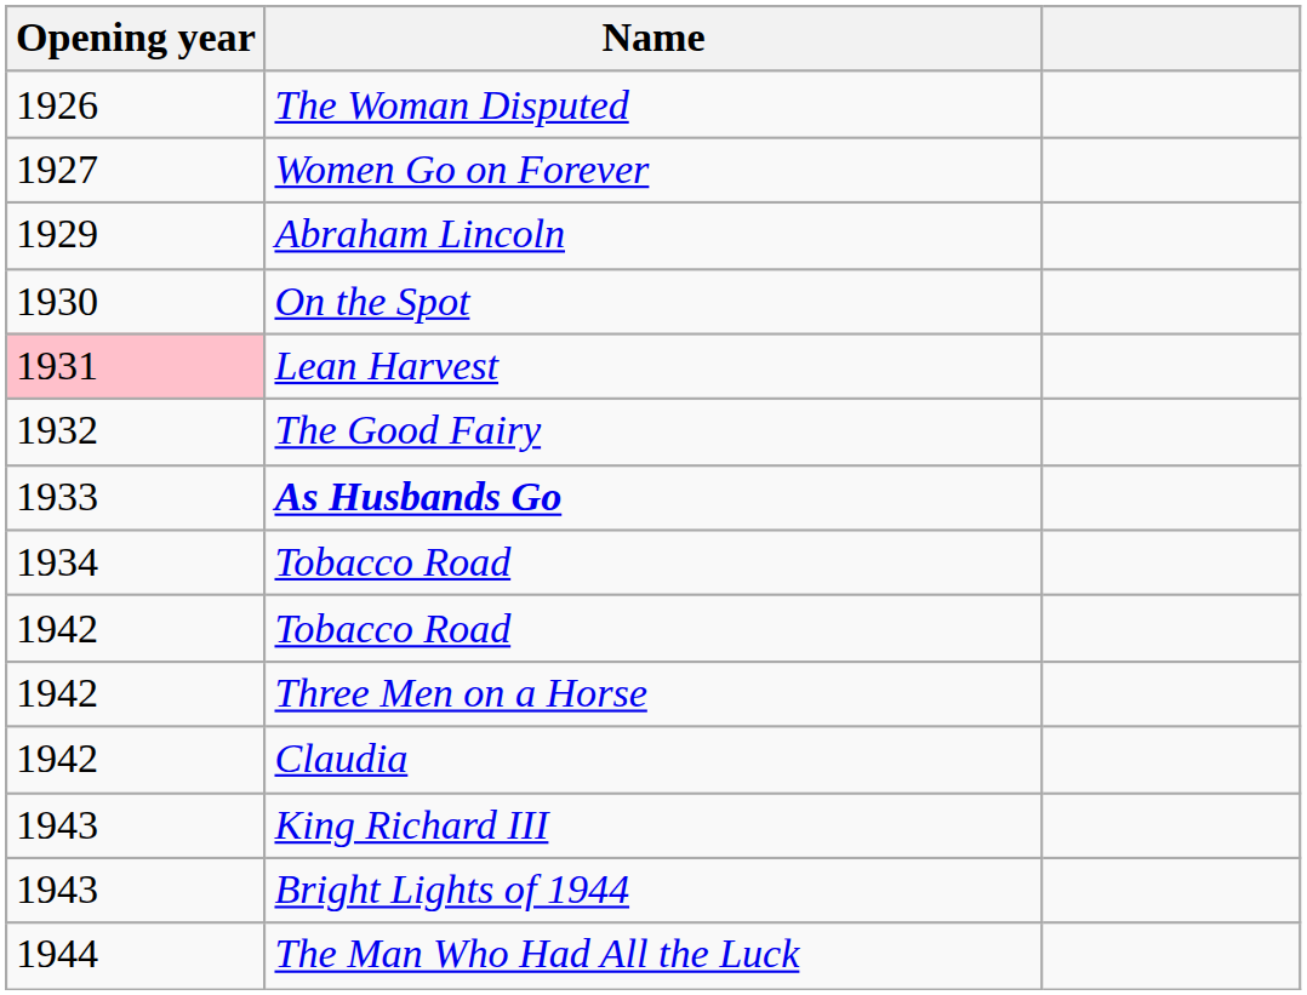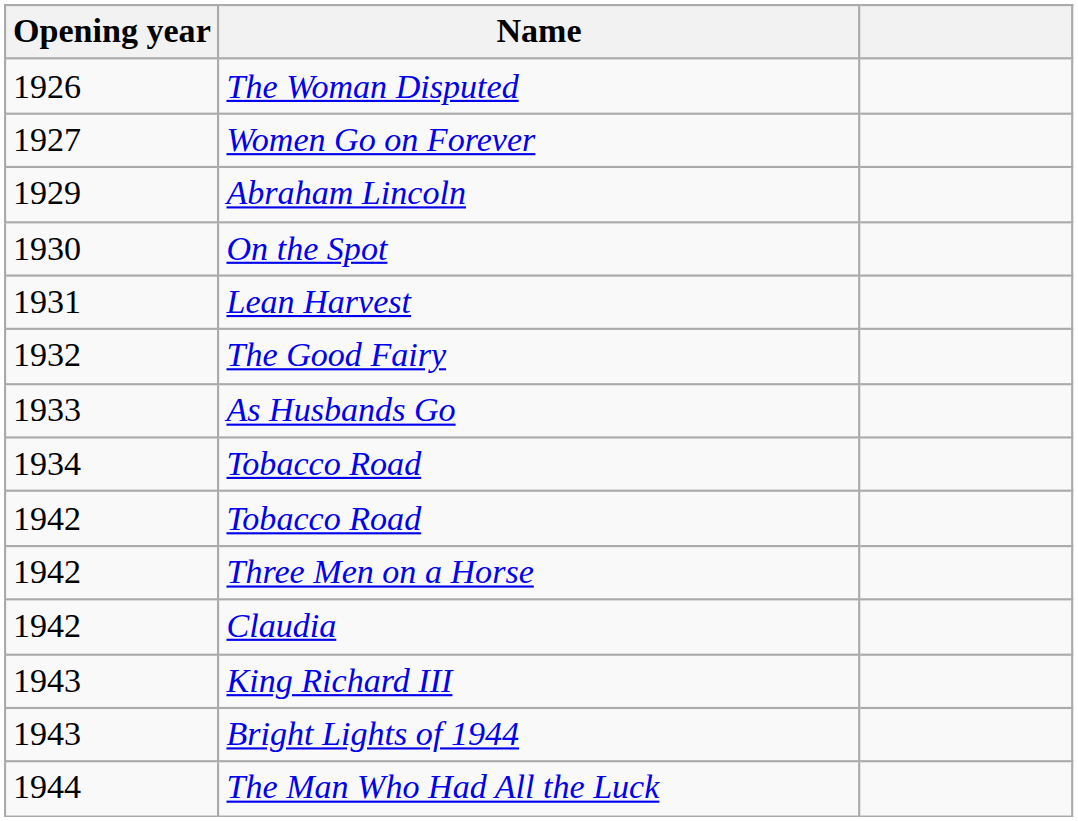 <table class="wikitable sortable collapsible">
 <tr>
 <th width=20% scope="col">Opening year</th>
 <th width=60% scope="col">Name</th>
 <th width=20% scope="col"  class="unsortable"></th>
 </tr>
 <tr>
 <td>1926</td>
 <td><em><a href='#'>The Woman Disputed</a></em></td>
 <td></td>
 </tr>
 <tr>
 <td>1927</td>
 <td><em><a href='#'>Women Go on Forever</a></em></td>
 <td></td>
 </tr>
 <tr>
 <td>1929</td>
 <td><em><a href='#'>Abraham Lincoln</a></em></td>
 <td></td>
 </tr>
 <tr>
 <td>1930</td>
 <td><em><a href='#'>On the Spot</a></em></td>
 <td></td>
 </tr>
 <tr>
-<td style="background: pink;">1931</td>
+<td>1931</td>
 <td><em><a href='#'>Lean Harvest</a></em></td>
 <td></td>
 </tr>
 <tr>
 <td>1932</td>
 <td><em><a href='#'>The Good Fairy</a></em></td>
 <td></td>
 </tr>
 <tr>
 <td>1933</td>
-<td><strong><em><a href='#'>As Husbands Go</a></em></strong></td>
+<td><em><a href='#'>As Husbands Go</a></em></td>
 <td></td>
 </tr>
 <tr>
 <td>1934</td>
 <td><em><a href='#'>Tobacco Road</a></em></td>
 <td></td>
 </tr>
 <tr>
 <td>1942</td>
 <td><em><a href='#'>Tobacco Road</a></em></td>
 <td></td>
 </tr>
 <tr>
 <td>1942</td>
 <td><em><a href='#'>Three Men on a Horse</a></em></td>
 <td></td>
 </tr>
 <tr>
 <td>1942</td>
 <td><em><a href='#'>Claudia</a></em></td>
 <td></td>
 </tr>
 <tr>
 <td>1943</td>
 <td><em><a href='#'>King Richard III</a></em></td>
 <td></td>
 </tr>
 <tr>
 <td>1943</td>
 <td><em><a href='#'>Bright Lights of 1944</a></em></td>
 <td></td>
 </tr>
 <tr>
 <td>1944</td>
 <td><em><a href='#'>The Man Who Had All the Luck</a></em></td>
 <td></td>
 </tr>
 </table>
